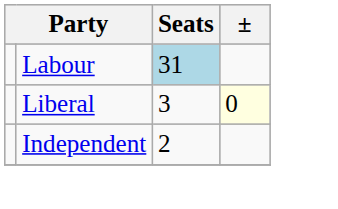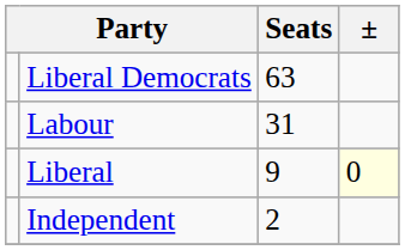 <table class="wikitable">
 <tr>
 <th colspan="2">Party</th>
 <th>Seats</th>
 <th>  ±  </th>
 </tr>
 <tr>
 <td style="background-color: "></td>
+<td><a href='#'>Liberal Democrats</a></td>
+<td>63</td>
+<td></td>
+</tr>
+<tr>
+<td style="background-color: "></td>
 <td><a href='#'>Labour</a></td>
-<td style="background: lightblue;">31</td>
+<td>31</td>
 <td></td>
 </tr>
 <tr>
 <td style="background-color: "></td>
 <td><a href='#'>Liberal</a></td>
-<td>3</td>
+<td>9</td>
 <td style="background: lightyellow;">0</td>
 </tr>
 <tr>
 <td style="background-color: "></td>
 <td><a href='#'>Independent</a></td>
 <td>2</td>
 <td></td>
 </tr>
 <tr>
 </tr>
 </table>
